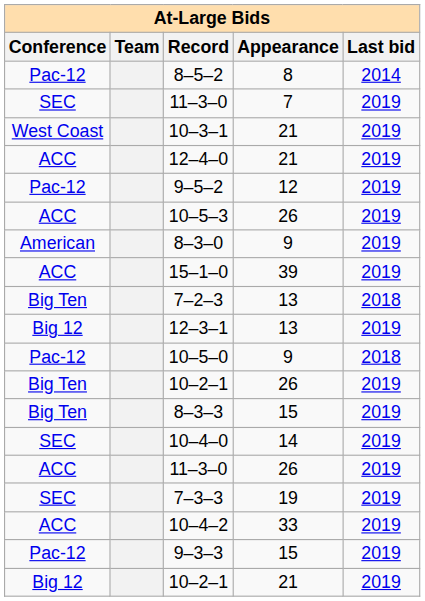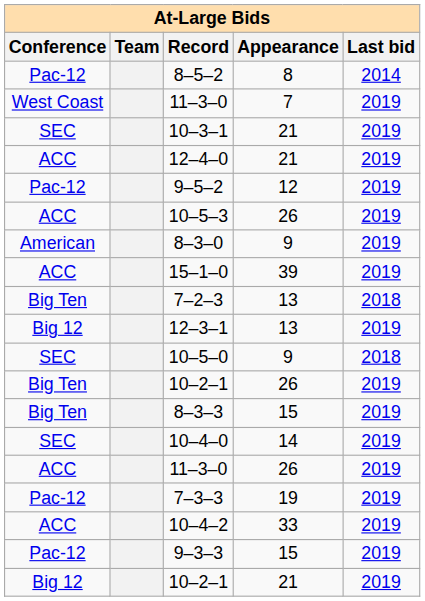 <table class="wikitable sortable plainrowheaders" style="text-align:center;">
 <tr>
 <th colspan="6" style="background:#ffdead;">At-Large Bids</th>
 </tr>
 <tr>
 <th scope="col">Conference</th>
 <th scope="col">Team</th>
 <th scope="col" data-sort-type="number">Record</th>
 <th scope="col">Appearance</th>
 <th scope="col">Last bid</th>
 </tr>
 <tr>
 <td><a href='#'>Pac-12</a></td>
 <th scope="row" style="text-align:center; "><a href='#'></a></th>
 <td>8–5–2</td>
 <td>8</td>
 <td><a href='#'>2014</a></td>
 </tr>
 <tr>
-<td><a href='#'>SEC</a></td>
+<td><a href='#'>West Coast</a></td>
 <th scope="row" style="text-align:center; "><a href='#'></a></th>
 <td>11–3–0</td>
 <td>7</td>
 <td><a href='#'>2019</a></td>
 </tr>
 <tr>
-<td><a href='#'>West Coast</a></td>
+<td><a href='#'>SEC</a></td>
 <th scope="row" style="text-align:center; "><a href='#'></a></th>
 <td>10–3–1</td>
 <td>21</td>
 <td><a href='#'>2019</a></td>
 </tr>
 <tr>
 <td><a href='#'>ACC</a></td>
 <th scope="row" style="text-align:center; "><a href='#'></a></th>
 <td>12–4–0</td>
 <td>21</td>
 <td><a href='#'>2019</a></td>
 </tr>
 <tr>
 <td><a href='#'>Pac-12</a></td>
 <th scope="row" style="text-align:center; "><a href='#'></a></th>
 <td>9–5–2</td>
 <td>12</td>
 <td><a href='#'>2019</a></td>
 </tr>
 <tr>
 <td><a href='#'>ACC</a></td>
 <th scope="row" style="text-align:center; "><a href='#'></a></th>
 <td>10–5–3</td>
 <td>26</td>
 <td><a href='#'>2019</a></td>
 </tr>
 <tr>
 <td><a href='#'>American</a></td>
 <th scope="row" style="text-align:center; "><a href='#'></a></th>
 <td>8–3–0</td>
 <td>9</td>
 <td><a href='#'>2019</a></td>
 </tr>
 <tr>
 <td><a href='#'>ACC</a></td>
 <th scope="row" style="text-align:center; "><a href='#'></a></th>
 <td>15–1–0</td>
 <td>39</td>
 <td><a href='#'>2019</a></td>
 </tr>
 <tr>
 <td><a href='#'>Big Ten</a></td>
 <th scope="row" style="text-align:center; "><a href='#'></a></th>
 <td>7–2–3</td>
 <td>13</td>
 <td><a href='#'>2018</a></td>
 </tr>
 <tr>
 <td><a href='#'>Big 12</a></td>
 <th scope="row" style="text-align:center; "><a href='#'></a></th>
 <td>12–3–1</td>
 <td>13</td>
 <td><a href='#'>2019</a></td>
 </tr>
 <tr>
-<td><a href='#'>Pac-12</a></td>
+<td><a href='#'>SEC</a></td>
 <th scope="row" style="text-align:center; "><a href='#'></a></th>
 <td>10–5–0</td>
 <td>9</td>
 <td><a href='#'>2018</a></td>
 </tr>
 <tr>
 <td><a href='#'>Big Ten</a></td>
 <th scope="row" style="text-align:center; "><a href='#'></a></th>
 <td>10–2–1</td>
 <td>26</td>
 <td><a href='#'>2019</a></td>
 </tr>
 <tr>
 <td><a href='#'>Big Ten</a></td>
 <th scope="row" style="text-align:center; "><a href='#'></a></th>
 <td>8–3–3</td>
 <td>15</td>
 <td><a href='#'>2019</a></td>
 </tr>
 <tr>
 <td><a href='#'>SEC</a></td>
 <th scope="row" style="text-align:center; "><a href='#'></a></th>
 <td>10–4–0</td>
 <td>14</td>
 <td><a href='#'>2019</a></td>
 </tr>
 <tr>
 <td><a href='#'>ACC</a></td>
 <th scope="row" style="text-align:center; "><a href='#'></a></th>
 <td>11–3–0</td>
 <td>26</td>
 <td><a href='#'>2019</a></td>
 </tr>
 <tr>
-<td><a href='#'>SEC</a></td>
+<td><a href='#'>Pac-12</a></td>
 <th scope="row" style="text-align:center; "><a href='#'></a></th>
 <td>7–3–3</td>
 <td>19</td>
 <td><a href='#'>2019</a></td>
 </tr>
 <tr>
 <td><a href='#'>ACC</a></td>
 <th scope="row" style="text-align:center; "><a href='#'></a></th>
 <td>10–4–2</td>
 <td>33</td>
 <td><a href='#'>2019</a></td>
 </tr>
 <tr>
 <td><a href='#'>Pac-12</a></td>
 <th scope="row" style="text-align:center; "><a href='#'></a></th>
 <td>9–3–3</td>
 <td>15</td>
 <td><a href='#'>2019</a></td>
 </tr>
 <tr>
 <td><a href='#'>Big 12</a></td>
 <th scope="row" style="text-align:center; "><a href='#'></a></th>
 <td>10–2–1</td>
 <td>21</td>
 <td><a href='#'>2019</a></td>
 </tr>
 </table>
